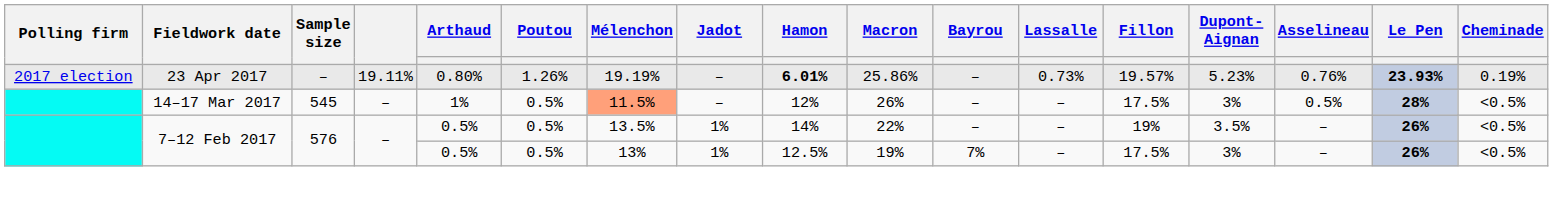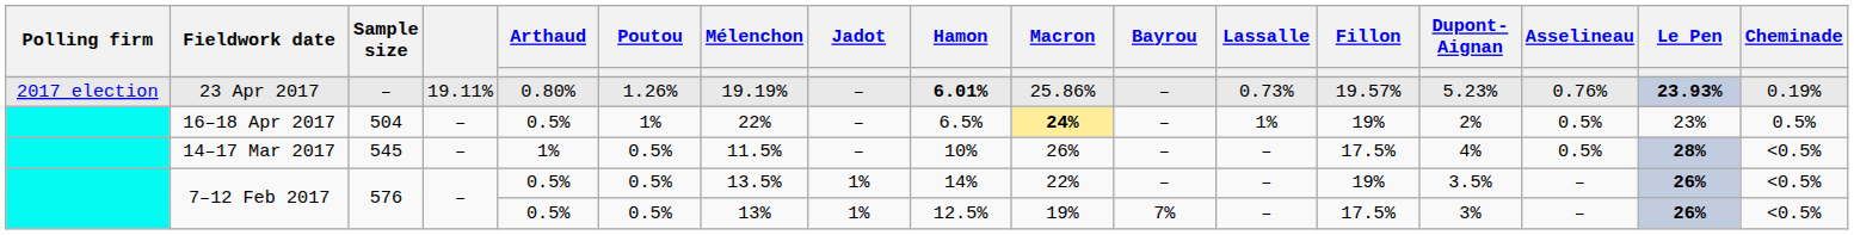 <table class="wikitable sortable" style="text-align:center;font-size:90%;line-height:14px;">
 <tr style="height:40px;">
 <th style="width:100px;" rowspan="2">Polling firm</th>
 <th style="width:110px;" rowspan="2">Fieldwork date</th>
 <th style="width:35px;" rowspan="2">Sample<br>size</th>
 <th style="width:30px;" rowspan="2"></th>
 <th class="unsortable" style="width:60px;"><a href='#'>Arthaud</a><br></th>
 <th class="unsortable" style="width:60px;"><a href='#'>Poutou</a><br></th>
 <th class="unsortable" style="width:60px;"><a href='#'>Mélenchon</a><br></th>
 <th class="unsortable" style="width:60px;"><a href='#'>Jadot</a><br></th>
 <th class="unsortable" style="width:60px;"><a href='#'>Hamon</a><br></th>
 <th class="unsortable" style="width:60px;"><a href='#'>Macron</a><br></th>
 <th class="unsortable" style="width:60px;"><a href='#'>Bayrou</a><br></th>
 <th class="unsortable" style="width:60px;"><a href='#'>Lassalle</a><br></th>
 <th class="unsortable" style="width:60px;"><a href='#'>Fillon</a><br></th>
 <th class="unsortable" style="width:60px;"><a href='#'>Dupont-Aignan</a><br></th>
 <th class="unsortable" style="width:60px;"><a href='#'>Asselineau</a><br></th>
 <th class="unsortable" style="width:60px;"><a href='#'>Le Pen</a><br></th>
 <th class="unsortable" style="width:60px;"><a href='#'>Cheminade</a><br></th>
 </tr>
 <tr>
 <th style="background:"></th>
 <th style="background:"></th>
 <th style="background:"></th>
 <th style="background:"></th>
 <th style="background:"></th>
 <th style="background:"></th>
 <th style="background:"></th>
 <th style="background:"></th>
 <th style="background:"></th>
 <th style="background:"></th>
 <th style="background:"></th>
 <th style="background:"></th>
 <th style="background:"></th>
 </tr>
 <tr style="background:#E9E9E9;">
 <td><a href='#'>2017 election</a></td>
 <td data-sort-value="2017-04-23">23 Apr 2017</td>
 <td>–</td>
 <td>19.11%</td>
 <td>0.80%</td>
 <td>1.26%</td>
 <td>19.19%</td>
 <td>–</td>
 <td><strong>6.01%</strong></td>
 <td>25.86%</td>
 <td>–</td>
 <td>0.73%</td>
 <td>19.57%</td>
 <td>5.23%</td>
 <td>0.76%</td>
 <td style="background:#C1CCE1;"><strong>23.93%</strong></td>
 <td>0.19%</td>
 </tr>
 <tr>
 <td style="background:#04FBF4;"></td>
+<td data-sort-value="2017-04-18">16–18 Apr 2017</td>
+<td>504</td>
+<td>–</td>
+<td>0.5%</td>
+<td>1%</td>
+<td>22%</td>
+<td>–</td>
+<td>6.5%</td>
+<td style="background:#FFED99;"><strong>24%</strong></td>
+<td>–</td>
+<td>1%</td>
+<td>19%</td>
+<td>2%</td>
+<td>0.5%</td>
+<td>23%</td>
+<td>0.5%</td>
+</tr>
+<tr>
+<td style="background:#04FBF4;"></td>
 <td data-sort-value="2017-03-17">14–17 Mar 2017</td>
 <td>545</td>
 <td>–</td>
 <td>1%</td>
 <td>0.5%</td>
-<td style="background: lightsalmon;">11.5%</td>
+<td>11.5%</td>
 <td>–</td>
-<td>12%</td>
+<td>10%</td>
 <td>26%</td>
 <td>–</td>
 <td>–</td>
 <td>17.5%</td>
-<td>3%</td>
+<td>4%</td>
 <td>0.5%</td>
 <td style="background:#C1CCE1;"><strong>28%</strong></td>
 <td data-sort-value="0%"><0.5%</td>
 </tr>
 <tr>
 <td rowspan="2" style="background:#04FBF4;"></td>
 <td rowspan="2" data-sort-value="2017-02-12">7–12 Feb 2017</td>
 <td rowspan="2">576</td>
 <td rowspan="2">–</td>
 <td>0.5%</td>
 <td>0.5%</td>
 <td>13.5%</td>
 <td>1%</td>
 <td>14%</td>
 <td>22%</td>
 <td>–</td>
 <td>–</td>
 <td>19%</td>
 <td>3.5%</td>
 <td>–</td>
 <td style="background:#C1CCE1;"><strong>26%</strong></td>
 <td data-sort-value="0%"><0.5%</td>
 </tr>
 <tr>
 <td>0.5%</td>
 <td>0.5%</td>
 <td>13%</td>
 <td>1%</td>
 <td>12.5%</td>
 <td>19%</td>
 <td>7%</td>
 <td>–</td>
 <td>17.5%</td>
 <td>3%</td>
 <td>–</td>
 <td style="background:#C1CCE1;"><strong>26%</strong></td>
 <td data-sort-value="0%"><0.5%</td>
 </tr>
 </table>
